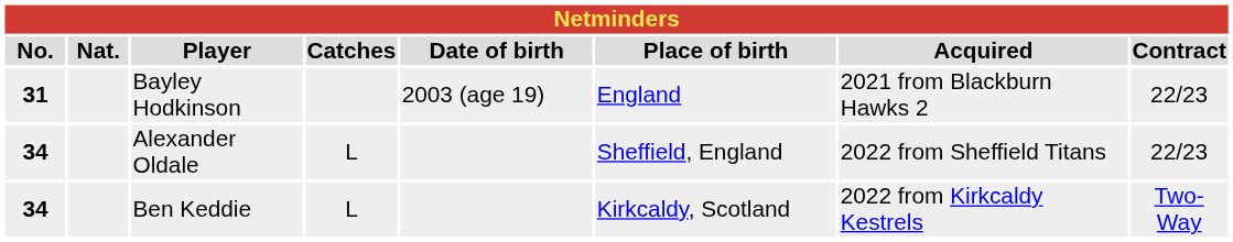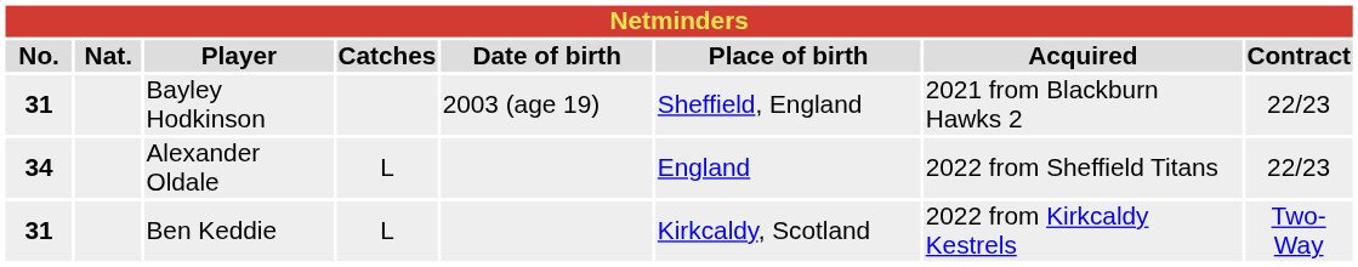 <table class="toccolours"  style="width:97%; clear:both; margin:1.5em auto; text-align:center;">
 <tr>
 <th colspan="10" style="background:#d23b32; color:#ede34f;”">Netminders</th>
 </tr>
 <tr style="background:#ddd;">
 <th width=5%>No.</th>
 <th width=5%>Nat.</th>
 <th !width=22%>Player</th>
 <th width=7%>Catches</th>
 <th width=16%>Date of birth</th>
 <th width=20%>Place of birth</th>
 <th width=24%>Acquired</th>
 <td><strong>Contract</strong></td>
 </tr>
 <tr style="background:#eee;">
 <td><strong>31</strong></td>
 <td></td>
 <td align=left>Bayley Hodkinson</td>
 <td></td>
 <td align=left>2003 (age 19)</td>
-<td align=left><a href='#'>England</a></td>
+<td align=left><a href='#'>Sheffield</a>, England</td>
 <td align=left>2021 from Blackburn Hawks 2</td>
 <td>22/23</td>
 </tr>
 <tr style="background:#eee;">
 <td><strong>34</strong></td>
 <td></td>
 <td align=left>Alexander Oldale</td>
 <td>L</td>
 <td align=left></td>
-<td align=left><a href='#'>Sheffield</a>, England</td>
+<td align=left><a href='#'>England</a></td>
 <td align=left>2022 from Sheffield Titans</td>
 <td>22/23</td>
 </tr>
 <tr style="background:#eee;">
-<td><strong>34</strong></td>
+<td><strong>31</strong></td>
 <td></td>
 <td align=left>Ben Keddie</td>
 <td>L</td>
 <td align=left></td>
 <td align=left><a href='#'>Kirkcaldy</a>, Scotland</td>
 <td align=left>2022 from <a href='#'>Kirkcaldy Kestrels</a></td>
 <td><a href='#'>Two-Way</a></td>
 </tr>
 </table>
